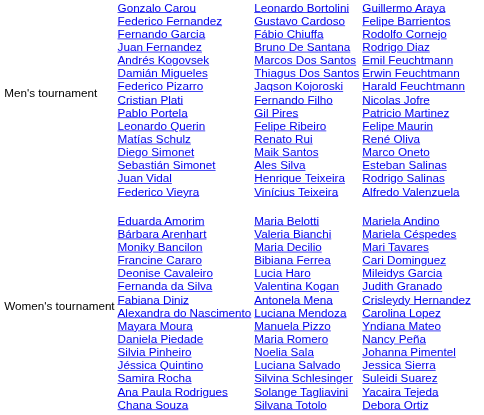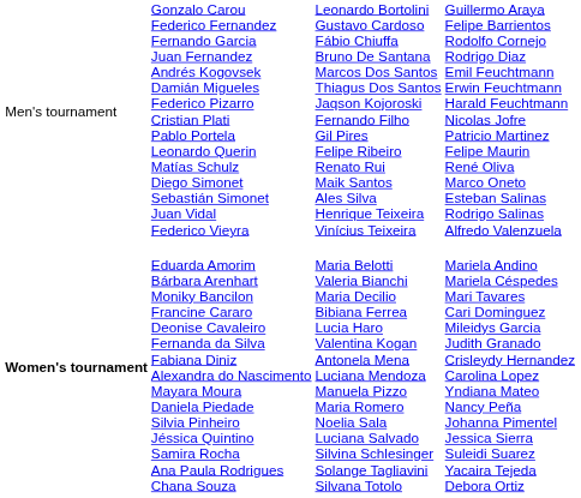 <table>
 <tr>
 <td>Men's tournament <br></td>
 <td><br><a href='#'>Gonzalo Carou</a><br><a href='#'>Federico Fernandez</a><br><a href='#'>Fernando Garcia</a><br><a href='#'>Juan Fernandez</a><br><a href='#'>Andrés Kogovsek</a><br><a href='#'>Damián Migueles</a><br><a href='#'>Federico Pizarro</a><br><a href='#'>Cristian Plati</a><br><a href='#'>Pablo Portela</a><br><a href='#'>Leonardo Querin</a><br><a href='#'>Matías Schulz</a><br><a href='#'>Diego Simonet</a><br><a href='#'>Sebastián Simonet</a><br><a href='#'>Juan Vidal</a><br><a href='#'>Federico Vieyra</a></td>
 <td><br><a href='#'>Leonardo Bortolini</a><br><a href='#'>Gustavo Cardoso</a><br><a href='#'>Fábio Chiuffa</a><br><a href='#'>Bruno De Santana</a><br><a href='#'>Marcos Dos Santos</a><br><a href='#'>Thiagus Dos Santos</a><br><a href='#'>Jaqson Kojoroski</a><br><a href='#'>Fernando Filho</a><br><a href='#'>Gil Pires</a><br><a href='#'>Felipe Ribeiro</a><br><a href='#'>Renato Rui</a><br><a href='#'>Maik Santos</a><br><a href='#'>Ales Silva</a><br><a href='#'>Henrique Teixeira</a><br><a href='#'>Vinícius Teixeira</a></td>
 <td><br><a href='#'>Guillermo Araya</a><br><a href='#'>Felipe Barrientos</a><br><a href='#'>Rodolfo Cornejo</a><br><a href='#'>Rodrigo Diaz</a><br><a href='#'>Emil Feuchtmann</a><br><a href='#'>Erwin Feuchtmann</a><br><a href='#'>Harald Feuchtmann</a><br><a href='#'>Nicolas Jofre</a><br><a href='#'>Patricio Martinez</a><br><a href='#'>Felipe Maurin</a><br><a href='#'>René Oliva</a><br><a href='#'>Marco Oneto</a><br><a href='#'>Esteban Salinas</a><br><a href='#'>Rodrigo Salinas</a><br><a href='#'>Alfredo Valenzuela</a></td>
 </tr>
 <tr>
-<td>Women's tournament <br></td>
+<td><strong>Women's tournament <br></strong></td>
 <td><br><a href='#'>Eduarda Amorim</a><br><a href='#'>Bárbara Arenhart</a><br><a href='#'>Moniky Bancilon</a><br><a href='#'>Francine Cararo</a><br><a href='#'>Deonise Cavaleiro</a><br><a href='#'>Fernanda da Silva</a><br><a href='#'>Fabiana Diniz</a><br><a href='#'>Alexandra do Nascimento</a><br><a href='#'>Mayara Moura</a><br><a href='#'>Daniela Piedade</a><br><a href='#'>Silvia Pinheiro</a><br><a href='#'>Jéssica Quintino</a><br><a href='#'>Samira Rocha</a><br><a href='#'>Ana Paula Rodrigues</a><br><a href='#'>Chana Souza</a></td>
 <td><br><a href='#'>Maria Belotti</a><br><a href='#'>Valeria Bianchi</a><br><a href='#'>Maria Decilio</a><br><a href='#'>Bibiana Ferrea</a><br><a href='#'>Lucia Haro</a><br><a href='#'>Valentina Kogan</a><br><a href='#'>Antonela Mena</a><br><a href='#'>Luciana Mendoza</a><br><a href='#'>Manuela Pizzo</a><br><a href='#'>Maria Romero</a><br><a href='#'>Noelia Sala</a><br><a href='#'>Luciana Salvado</a><br><a href='#'>Silvina Schlesinger</a><br><a href='#'>Solange Tagliavini</a><br><a href='#'>Silvana Totolo</a></td>
 <td><br><a href='#'>Mariela Andino</a><br><a href='#'>Mariela Céspedes</a><br><a href='#'>Mari Tavares</a><br><a href='#'>Cari Dominguez</a><br><a href='#'>Mileidys Garcia</a><br><a href='#'>Judith Granado</a><br><a href='#'>Crisleydy Hernandez</a><br><a href='#'>Carolina Lopez</a><br><a href='#'>Yndiana Mateo</a><br><a href='#'>Nancy Peña</a><br><a href='#'>Johanna Pimentel</a><br><a href='#'>Jessica Sierra</a><br><a href='#'>Suleidi Suarez</a><br><a href='#'>Yacaira Tejeda</a><br><a href='#'>Debora Ortiz</a></td>
 </tr>
 </table>
